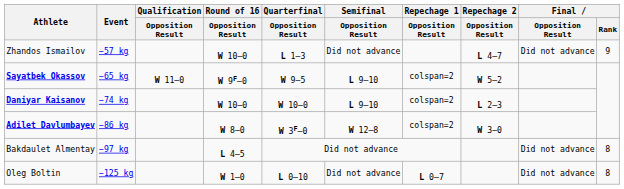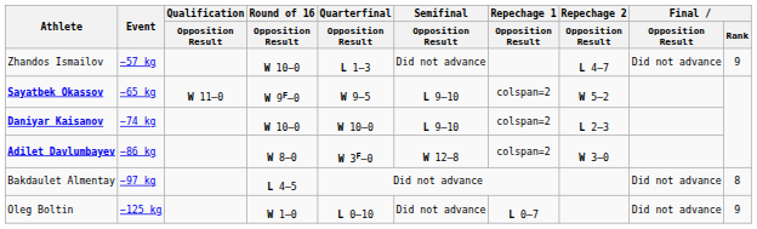 <table class=wikitable style=font-size:85%;text-align:center>
 <tr>
 <th rowspan="2">Athlete</th>
 <th rowspan="2">Event</th>
 <th>Qualification</th>
 <th>Round of 16</th>
 <th>Quarterfinal</th>
 <th>Semifinal</th>
 <th>Repechage 1</th>
 <th>Repechage 2</th>
 <th colspan=2>Final / </th>
 </tr>
 <tr style="font-size: 95%">
 <th>Opposition<br>Result</th>
 <th>Opposition<br>Result</th>
 <th>Opposition<br>Result</th>
 <th>Opposition<br>Result</th>
 <th>Opposition<br>Result</th>
 <th>Opposition<br>Result</th>
 <th>Opposition<br>Result</th>
 <th>Rank</th>
 </tr>
 <tr>
 <td align=left>Zhandos Ismailov</td>
 <td align=left><a href='#'>−57 kg</a></td>
 <td></td>
 <td><br><strong>W</strong> 10–0</td>
 <td><br><strong>L</strong> 1–3</td>
 <td>Did not advance</td>
 <td></td>
 <td><br><strong>L</strong> 4–7</td>
 <td>Did not advance</td>
 <td>9</td>
 </tr>
 <tr>
 <td align=left><strong><a href='#'>Sayatbek Okassov</a></strong></td>
 <td align=left><a href='#'>−65 kg</a></td>
 <td><br><strong>W</strong> 11–0</td>
 <td><br><strong>W</strong> 9<sup><strong>F</strong></sup>–0</td>
 <td><br><strong>W</strong> 9–5</td>
 <td><br><strong>L</strong> 9–10</td>
 <td>colspan=2 </td>
 <td><br><strong>W</strong> 5–2</td>
 <td></td>
 </tr>
 <tr>
 <td align=left><strong><a href='#'>Daniyar Kaisanov</a></strong></td>
 <td align=left><a href='#'>−74 kg</a></td>
 <td></td>
 <td><br><strong>W</strong> 10–0</td>
 <td><br><strong>W</strong> 10–0</td>
 <td><br><strong>L</strong> 9–10</td>
 <td>colspan=2 </td>
 <td><br><strong>L</strong> 2–3</td>
 <td></td>
 </tr>
 <tr>
 <td align=left><strong><a href='#'>Adilet Davlumbayev</a></strong></td>
 <td align=left><a href='#'>−86 kg</a></td>
 <td></td>
 <td><br><strong>W</strong> 8–0</td>
 <td><br><strong>W</strong> 3<sup><strong>F</strong></sup>–0</td>
 <td><br><strong>W</strong> 12–8</td>
 <td>colspan=2 </td>
 <td><br><strong>W</strong> 3–0</td>
 <td></td>
 </tr>
 <tr>
 <td align=left>Bakdaulet Almentay</td>
 <td align=left><a href='#'>−97 kg</a></td>
 <td></td>
 <td><br><strong>L</strong> 4–5</td>
 <td colspan=3>Did not advance</td>
 <td></td>
 <td>Did not advance</td>
 <td>8</td>
 </tr>
 <tr>
 <td align=left>Oleg Boltin</td>
 <td align=left><a href='#'>−125 kg</a></td>
 <td></td>
 <td><br><strong>W</strong> 1–0</td>
 <td><br><strong>L</strong> 0–10</td>
 <td>Did not advance</td>
 <td><br><strong>L</strong> 0–7</td>
 <td></td>
 <td>Did not advance</td>
-<td>8</td>
+<td>9</td>
 </tr>
 </table>
